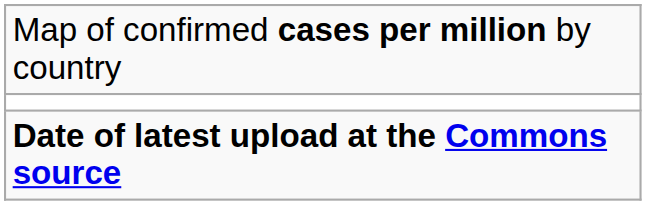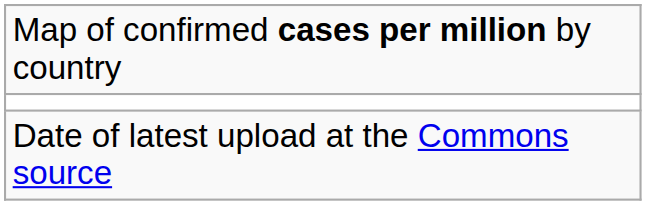 <table class=wikitable>
 <tr>
 <td style=max-width:300px>Map of confirmed <strong>cases per million</strong> by country</td>
 </tr>
 <tr>
 <td style=background-color:white;></td>
 </tr>
 <tr>
-<td style=max-width:300px><strong>Date of latest upload at the <a href='#'>Commons source</a></strong></td>
+<td style=max-width:300px>Date of latest upload at the <a href='#'>Commons source</a></td>
 </tr>
 </table>
